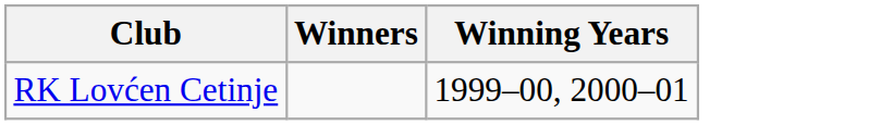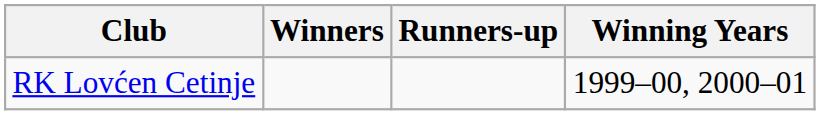 <table class="wikitable" style="font-size:90%">
 <tr>
 <th>Club</th>
 <th>Winners</th>
+<th>Runners-up</th>
 <th>Winning Years</th>
 </tr>
 <tr>
 <td><a href='#'>RK Lovćen Cetinje</a></td>
 <td></td>
+<td></td>
 <td>1999–00, 2000–01</td>
 </tr>
 </table>
